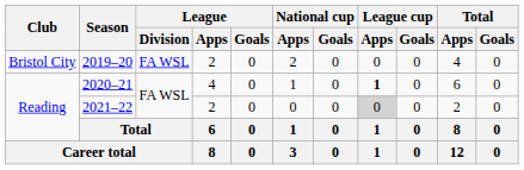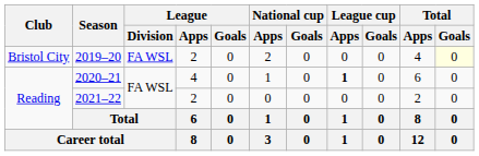 <table class="wikitable" style="text-align:center">
 <tr>
 <th rowspan="2">Club</th>
 <th rowspan="2">Season</th>
 <th colspan="3">League</th>
 <th colspan="2">National cup</th>
 <th colspan="2">League cup</th>
 <th colspan="2">Total</th>
 </tr>
 <tr>
 <th>Division</th>
 <th>Apps</th>
 <th>Goals</th>
 <th>Apps</th>
 <th>Goals</th>
 <th>Apps</th>
 <th>Goals</th>
 <th>Apps</th>
 <th>Goals</th>
 </tr>
 <tr>
 <td><a href='#'>Bristol City</a></td>
 <td><a href='#'>2019–20</a></td>
 <td><a href='#'>FA WSL</a></td>
 <td>2</td>
 <td>0</td>
 <td>2</td>
 <td>0</td>
 <td>0</td>
 <td>0</td>
 <td>4</td>
-<td>0</td>
+<td style="background: lightyellow;">0</td>
 </tr>
 <tr>
 <td rowspan="3"><a href='#'>Reading</a></td>
 <td><a href='#'>2020–21</a></td>
 <td rowspan="2">FA WSL</td>
 <td>4</td>
 <td>0</td>
 <td>1</td>
 <td>0</td>
 <td><strong>1</strong></td>
 <td>0</td>
 <td>6</td>
 <td>0</td>
 </tr>
 <tr>
 <td><a href='#'>2021–22</a></td>
 <td>2</td>
 <td>0</td>
 <td>0</td>
 <td>0</td>
-<td style="background: lightgrey;">0</td>
+<td>0</td>
 <td>0</td>
 <td>2</td>
 <td>0</td>
 </tr>
 <tr>
 <th colspan="2">Total</th>
 <th>6</th>
 <th>0</th>
 <th>1</th>
 <th>0</th>
 <th>1</th>
 <th>0</th>
 <th>8</th>
 <th>0</th>
 </tr>
 <tr>
 <th colspan="3">Career total</th>
 <th>8</th>
 <th>0</th>
 <th>3</th>
 <th>0</th>
 <th>1</th>
 <th>0</th>
 <th>12</th>
 <th>0</th>
 </tr>
 </table>
